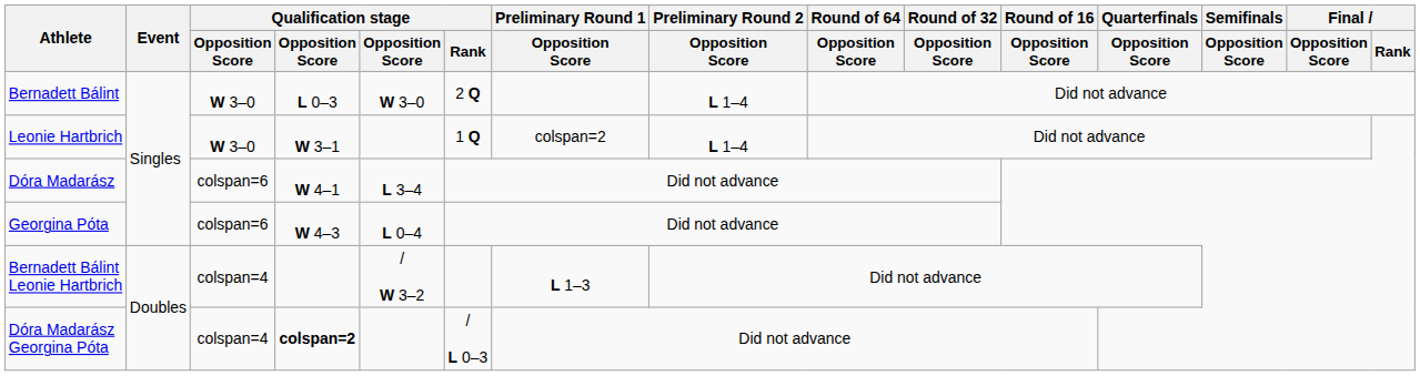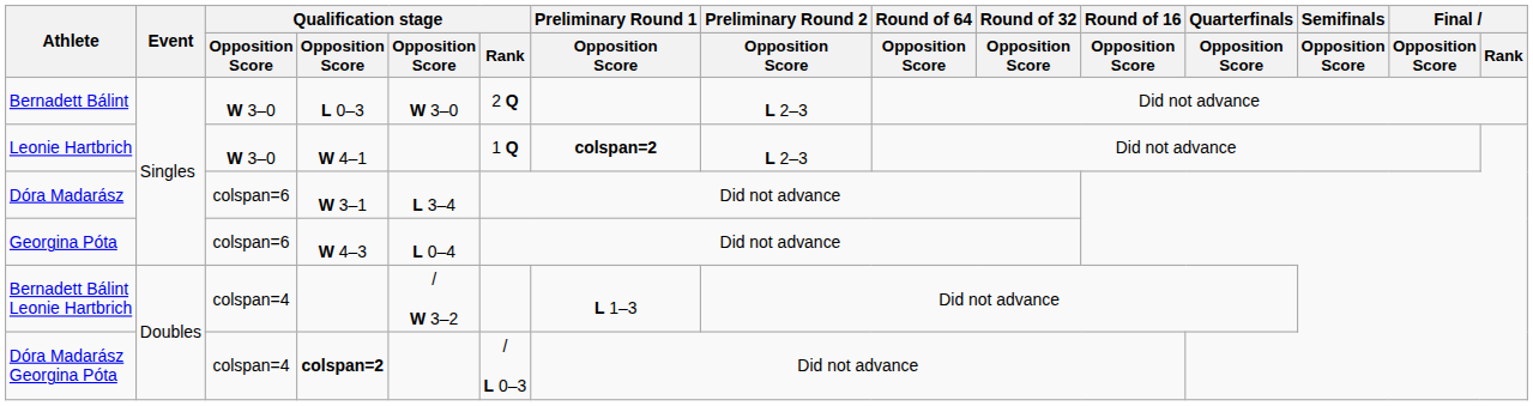 <table class=wikitable style=font-size:80%;text-align:center>
 <tr>
 <th rowspan=2>Athlete</th>
 <th rowspan=2>Event</th>
 <th colspan=4>Qualification stage</th>
 <th>Preliminary Round 1</th>
 <th>Preliminary Round 2</th>
 <th>Round of 64</th>
 <th>Round of 32</th>
 <th>Round of 16</th>
 <th>Quarterfinals</th>
 <th>Semifinals</th>
 <th colspan=2>Final / </th>
 </tr>
 <tr style=font-size:95%>
 <th>Opposition<br>Score</th>
 <th>Opposition<br>Score</th>
 <th>Opposition<br>Score</th>
 <th>Rank</th>
 <th>Opposition<br>Score</th>
 <th>Opposition<br>Score</th>
 <th>Opposition<br>Score</th>
 <th>Opposition<br>Score</th>
 <th>Opposition<br>Score</th>
 <th>Opposition<br>Score</th>
 <th>Opposition<br>Score</th>
 <th>Opposition<br>Score</th>
 <th>Rank</th>
 </tr>
 <tr align=center>
 <td align=left><a href='#'>Bernadett Bálint</a></td>
 <td align=left rowspan=4>Singles</td>
 <td><br><strong>W</strong> 3–0</td>
 <td><br><strong>L</strong> 0–3</td>
 <td><br><strong>W</strong> 3–0</td>
 <td>2 <strong>Q</strong></td>
 <td></td>
-<td><br><strong>L</strong> 1–4</td>
+<td><br><strong>L</strong> 2–3</td>
 <td colspan=7>Did not advance</td>
 </tr>
 <tr align=center>
 <td align=left><a href='#'>Leonie Hartbrich</a></td>
 <td><br><strong>W</strong> 3–0</td>
-<td><br><strong>W</strong> 3–1</td>
+<td><br><strong>W</strong> 4–1</td>
 <td></td>
 <td>1 <strong>Q</strong></td>
-<td>colspan=2</td>
-<td><br><strong>L</strong> 1–4</td>
+<td><strong>colspan=2</strong></td>
+<td><br><strong>L</strong> 2–3</td>
 <td colspan=6>Did not advance</td>
 </tr>
 <tr align=center>
 <td align=left><a href='#'>Dóra Madarász</a></td>
 <td>colspan=6</td>
-<td><br><strong>W</strong> 4–1</td>
+<td><br><strong>W</strong> 3–1</td>
 <td><br><strong>L</strong> 3–4</td>
 <td colspan=5>Did not advance</td>
 </tr>
 <tr align=center>
 <td align=left><a href='#'>Georgina Póta</a></td>
 <td>colspan=6</td>
 <td><br><strong>W</strong> 4–3</td>
 <td><br><strong>L</strong> 0–4</td>
 <td colspan=5>Did not advance</td>
 </tr>
 <tr align=center>
 <td align=left><a href='#'>Bernadett Bálint</a><br><a href='#'>Leonie Hartbrich</a></td>
 <td align=left rowspan=2>Doubles</td>
 <td>colspan=4</td>
 <td></td>
 <td> /<br><br><strong>W</strong> 3–2</td>
 <td></td>
 <td><br><strong>L</strong> 1–3</td>
 <td colspan=5>Did not advance</td>
 </tr>
 <tr align=center>
 <td align=left><a href='#'>Dóra Madarász</a><br><a href='#'>Georgina Póta</a></td>
 <td>colspan=4</td>
 <td><strong>colspan=2</strong></td>
 <td></td>
 <td> /<br><br><strong>L</strong> 0–3</td>
 <td colspan=5>Did not advance</td>
 </tr>
 </table>
